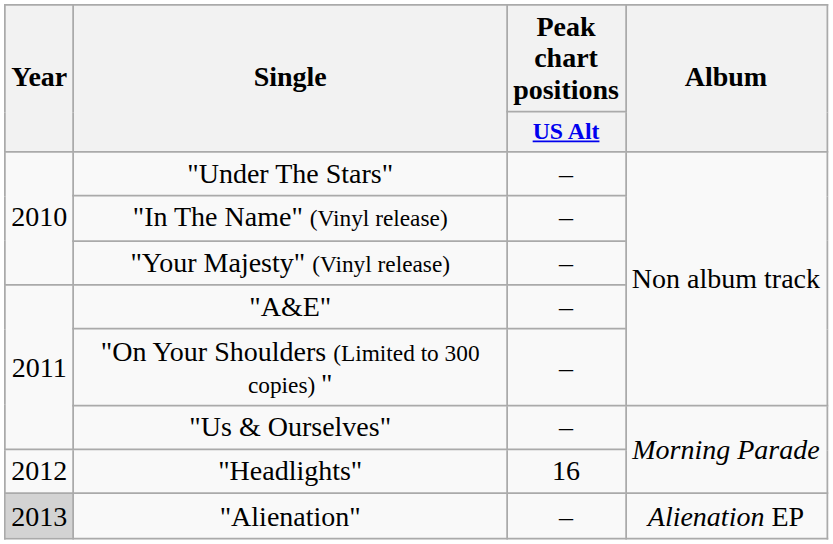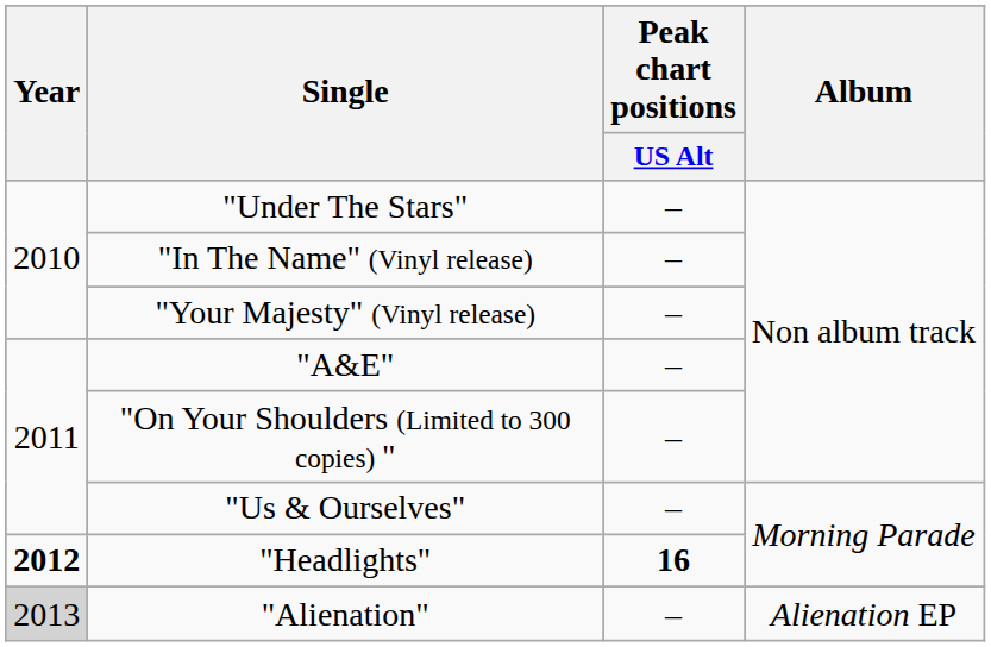 <table class="wikitable" style="text-align:center;">
 <tr>
 <th scope="col" rowspan="2">Year</th>
 <th scope="col" rowspan="2" style="width:15em;">Single</th>
 <th scope="col">Peak chart positions</th>
 <th scope="col" rowspan="2">Album</th>
 </tr>
 <tr>
 <th scope="col" style="width:3em;font-size:85%;"><a href='#'>US Alt</a></th>
 </tr>
 <tr>
 <td rowspan="3">2010</td>
 <td>"Under The Stars"</td>
 <td>–</td>
 <td rowspan="5">Non album track</td>
 </tr>
 <tr>
 <td>"In The Name" <small>(Vinyl release)</small></td>
 <td>–</td>
 </tr>
 <tr>
 <td>"Your Majesty" <small>(Vinyl release)</small></td>
 <td>–</td>
 </tr>
 <tr>
 <td rowspan="3">2011</td>
 <td>"A&E"</td>
 <td>–</td>
 </tr>
 <tr>
 <td>"On Your Shoulders <small> (Limited to 300 copies) </small>"</td>
 <td>–</td>
 </tr>
 <tr>
 <td>"Us & Ourselves"</td>
 <td>–</td>
 <td rowspan="2"><em>Morning Parade</em></td>
 </tr>
 <tr>
-<td>2012</td>
+<td><strong>2012</strong></td>
 <td>"Headlights"</td>
-<td>16</td>
+<td><strong>16</strong></td>
 </tr>
 <tr>
 <td style="background: lightgrey;">2013</td>
 <td>"Alienation"</td>
 <td>–</td>
 <td><em>Alienation</em> EP</td>
 </tr>
 </table>
